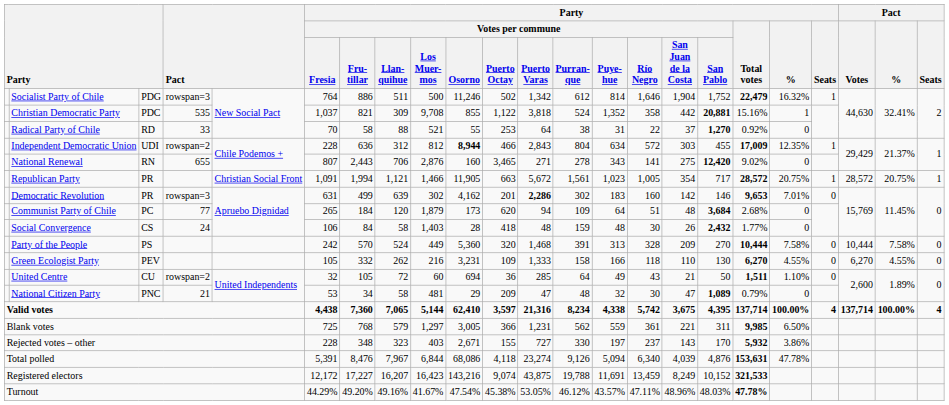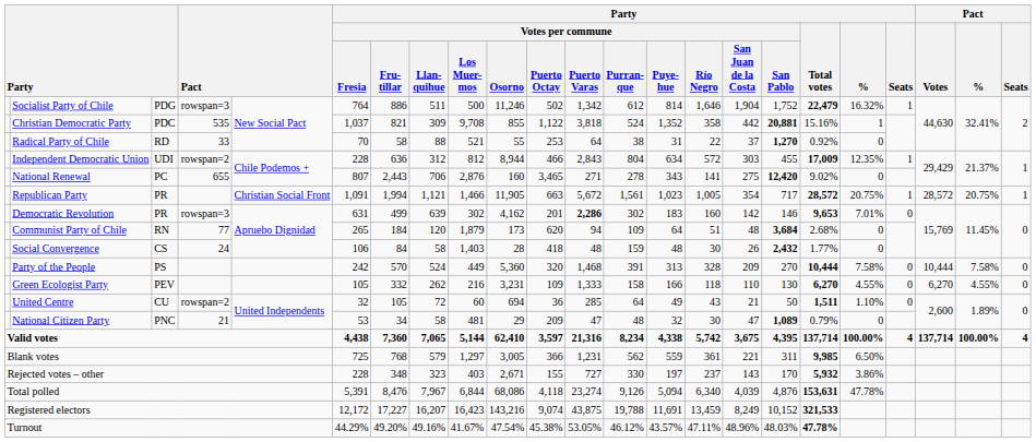 <table class="wikitable" border="1" style="font-size:90%; text-align:right; white-space: nowrap;">
 <tr>
 <th style="text-align:left;" valign=bottom rowspan=3 colspan=3>Party</th>
 <th style="text-align:left;" valign=bottom rowspan=3 colspan=2>Pact</th>
 <th colspan=15>Party</th>
 <th colspan=3>Pact</th>
 </tr>
 <tr>
 <th colspan=12>Votes per commune</th>
 <th align=center valign=bottom rowspan=2 width="40">Total<br>votes</th>
 <th align=center valign=bottom rowspan=2 width="40">%</th>
 <th align=center valign=bottom rowspan=2>Seats</th>
 <th align=center valign=bottom rowspan=2 width="40">Votes</th>
 <th align=center valign=bottom rowspan=2 width="40">%</th>
 <th align=center valign=bottom rowspan=2>Seats</th>
 </tr>
 <tr>
 <th align=center valign=bottom width="40"><a href='#'>Fresia</a></th>
 <th align=center valign=bottom width="40"><a href='#'>Fru-<br>tillar</a></th>
 <th align=center valign=bottom width="40"><a href='#'>Llan-<br>quihue</a></th>
 <th align=center valign=bottom width="40"><a href='#'>Los<br>Muer-<br>mos</a></th>
 <th align=center valign=bottom width="40"><a href='#'>Osorno</a></th>
 <th align=center valign=bottom width="40"><a href='#'>Puerto<br>Octay</a></th>
 <th align=center valign=bottom width="40"><a href='#'>Puerto<br>Varas</a></th>
 <th align=center valign=bottom width="40"><a href='#'>Purran-<br>que</a></th>
 <th align=center valign=bottom width="40"><a href='#'>Puye-<br>hue</a></th>
 <th align=center valign=bottom width="40"><a href='#'>Río<br>Negro</a></th>
 <th align=center valign=bottom width="40"><a href='#'>San<br>Juan<br>de la<br>Costa</a></th>
 <th align=center valign=bottom width="40"><a href='#'>San<br>Pablo</a></th>
 </tr>
 <tr>
 <td></td>
 <td align=left><a href='#'>Socialist Party of Chile</a></td>
 <td align=left>PDG</td>
 <td>rowspan=3 </td>
 <td rowspan=3 align=left><a href='#'>New Social Pact</a></td>
 <td>764</td>
 <td>886</td>
 <td>511</td>
 <td>500</td>
 <td>11,246</td>
 <td>502</td>
 <td>1,342</td>
 <td>612</td>
 <td>814</td>
 <td>1,646</td>
 <td>1,904</td>
 <td>1,752</td>
 <td><strong>22,479</strong></td>
 <td>16.32%</td>
 <td>1</td>
 <td rowspan=3>44,630</td>
 <td rowspan=3>32.41%</td>
 <td rowspan=3>2</td>
 </tr>
 <tr>
 <td></td>
 <td align=left><a href='#'>Christian Democratic Party</a></td>
 <td align=left>PDC</td>
 <td>535</td>
 <td>1,037</td>
 <td>821</td>
 <td>309</td>
 <td>9,708</td>
 <td>855</td>
 <td>1,122</td>
 <td>3,818</td>
 <td>524</td>
 <td>1,352</td>
 <td>358</td>
 <td>442</td>
 <td><strong>20,881</strong></td>
 <td>15.16%</td>
 <td>1</td>
 </tr>
 <tr>
 <td></td>
 <td align=left><a href='#'>Radical Party of Chile</a></td>
 <td align=left>RD</td>
 <td>33</td>
 <td>70</td>
 <td>58</td>
 <td>88</td>
 <td>521</td>
 <td>55</td>
 <td>253</td>
 <td>64</td>
 <td>38</td>
 <td>31</td>
 <td>22</td>
 <td>37</td>
 <td><strong>1,270</strong></td>
 <td>0.92%</td>
 <td>0</td>
 </tr>
 <tr>
 <td></td>
 <td align=left><a href='#'>Independent Democratic Union</a></td>
 <td align=left>UDI</td>
 <td>rowspan=2 </td>
 <td rowspan=2 align=left><a href='#'>Chile Podemos +</a></td>
 <td>228</td>
 <td>636</td>
 <td>312</td>
 <td>812</td>
-<td><strong>8,944</strong></td>
+<td>8,944</td>
 <td>466</td>
 <td>2,843</td>
 <td>804</td>
 <td>634</td>
 <td>572</td>
 <td>303</td>
 <td>455</td>
 <td><strong>17,009</strong></td>
 <td>12.35%</td>
 <td>1</td>
 <td rowspan=2>29,429</td>
 <td rowspan=2>21.37%</td>
 <td rowspan=2>1</td>
 </tr>
 <tr>
 <td></td>
 <td align=left><a href='#'>National Renewal</a></td>
-<td align=left>RN</td>
+<td align=left>PC</td>
 <td>655</td>
 <td>807</td>
 <td>2,443</td>
 <td>706</td>
 <td>2,876</td>
 <td>160</td>
 <td>3,465</td>
 <td>271</td>
 <td>278</td>
 <td>343</td>
 <td>141</td>
 <td>275</td>
 <td><strong>12,420</strong></td>
 <td>9.02%</td>
 <td>0</td>
 </tr>
 <tr>
 <td></td>
 <td align=left><a href='#'>Republican Party</a></td>
 <td align=left>PR</td>
 <td></td>
 <td align=left><a href='#'>Christian Social Front</a></td>
 <td>1,091</td>
 <td>1,994</td>
 <td>1,121</td>
 <td>1,466</td>
 <td>11,905</td>
 <td>663</td>
 <td>5,672</td>
 <td>1,561</td>
 <td>1,023</td>
 <td>1,005</td>
 <td>354</td>
 <td>717</td>
 <td><strong>28,572</strong></td>
 <td>20.75%</td>
 <td>1</td>
 <td>28,572</td>
 <td>20.75%</td>
 <td>1</td>
 </tr>
 <tr>
 <td></td>
 <td align=left><a href='#'>Democratic Revolution</a></td>
 <td align=left>PR</td>
 <td>rowspan=3 </td>
 <td rowspan=3 align=left><a href='#'>Apruebo Dignidad</a></td>
 <td>631</td>
 <td>499</td>
 <td>639</td>
 <td>302</td>
 <td>4,162</td>
 <td>201</td>
 <td><strong>2,286</strong></td>
 <td>302</td>
 <td>183</td>
 <td>160</td>
 <td>142</td>
 <td>146</td>
 <td><strong>9,653</strong></td>
 <td>7.01%</td>
 <td>0</td>
 <td rowspan=3>15,769</td>
 <td rowspan=3>11.45%</td>
 <td rowspan=3>0</td>
 </tr>
 <tr>
 <td></td>
 <td align=left><a href='#'>Communist Party of Chile</a></td>
-<td align=left>PC</td>
+<td align=left>RN</td>
 <td>77</td>
 <td>265</td>
 <td>184</td>
 <td>120</td>
 <td>1,879</td>
 <td>173</td>
 <td>620</td>
 <td>94</td>
 <td>109</td>
 <td>64</td>
 <td>51</td>
 <td>48</td>
 <td><strong>3,684</strong></td>
 <td>2.68%</td>
 <td>0</td>
 </tr>
 <tr>
 <td></td>
 <td align=left><a href='#'>Social Convergence</a></td>
 <td align=left>CS</td>
 <td>24</td>
 <td>106</td>
 <td>84</td>
 <td>58</td>
 <td>1,403</td>
 <td>28</td>
 <td>418</td>
 <td>48</td>
 <td>159</td>
 <td>48</td>
 <td>30</td>
 <td>26</td>
 <td><strong>2,432</strong></td>
 <td>1.77%</td>
 <td>0</td>
 </tr>
 <tr>
 <td></td>
 <td align=left><a href='#'>Party of the People</a></td>
 <td align=left>PS</td>
 <td></td>
 <td></td>
 <td>242</td>
 <td>570</td>
 <td>524</td>
 <td>449</td>
 <td>5,360</td>
 <td>320</td>
 <td>1,468</td>
 <td>391</td>
 <td>313</td>
 <td>328</td>
 <td>209</td>
 <td>270</td>
 <td><strong>10,444</strong></td>
 <td>7.58%</td>
 <td>0</td>
 <td>10,444</td>
 <td>7.58%</td>
 <td>0</td>
 </tr>
 <tr>
 <td></td>
 <td align=left><a href='#'>Green Ecologist Party</a></td>
 <td align=left>PEV</td>
 <td></td>
 <td></td>
 <td>105</td>
 <td>332</td>
 <td>262</td>
 <td>216</td>
 <td>3,231</td>
 <td>109</td>
 <td>1,333</td>
 <td>158</td>
 <td>166</td>
 <td>118</td>
 <td>110</td>
 <td>130</td>
 <td><strong>6,270</strong></td>
 <td>4.55%</td>
 <td>0</td>
 <td>6,270</td>
 <td>4.55%</td>
 <td>0</td>
 </tr>
 <tr>
 <td></td>
 <td align=left><a href='#'>United Centre</a></td>
 <td align=left>CU</td>
 <td>rowspan=2 </td>
 <td rowspan=2 align=left><a href='#'>United Independents</a></td>
 <td>32</td>
 <td>105</td>
 <td>72</td>
 <td>60</td>
 <td>694</td>
 <td>36</td>
 <td>285</td>
 <td>64</td>
 <td>49</td>
 <td>43</td>
 <td>21</td>
 <td>50</td>
 <td><strong>1,511</strong></td>
 <td>1.10%</td>
 <td>0</td>
 <td rowspan=2>2,600</td>
 <td rowspan=2>1.89%</td>
 <td rowspan=2>0</td>
 </tr>
 <tr>
 <td></td>
 <td align=left><a href='#'>National Citizen Party</a></td>
 <td align=left>PNC</td>
 <td>21</td>
 <td>53</td>
 <td>34</td>
 <td>58</td>
 <td>481</td>
 <td>29</td>
 <td>209</td>
 <td>47</td>
 <td>48</td>
 <td>32</td>
 <td>30</td>
 <td>47</td>
 <td><strong>1,089</strong></td>
 <td>0.79%</td>
 <td>0</td>
 </tr>
 <tr style="font-weight:bold">
 <td align=left colspan=5>Valid votes</td>
 <td>4,438</td>
 <td>7,360</td>
 <td>7,065</td>
 <td>5,144</td>
 <td>62,410</td>
 <td>3,597</td>
 <td>21,316</td>
 <td>8,234</td>
 <td>4,338</td>
 <td>5,742</td>
 <td>3,675</td>
 <td>4,395</td>
 <td>137,714</td>
 <td>100.00%</td>
 <td>4</td>
 <td>137,714</td>
 <td>100.00%</td>
 <td>4</td>
 </tr>
 <tr>
 <td align=left colspan=5>Blank votes</td>
 <td>725</td>
 <td>768</td>
 <td>579</td>
 <td>1,297</td>
 <td>3,005</td>
 <td>366</td>
 <td>1,231</td>
 <td>562</td>
 <td>559</td>
 <td>361</td>
 <td>221</td>
 <td>311</td>
 <td><strong>9,985</strong></td>
 <td>6.50%</td>
 <td></td>
 <td></td>
 <td></td>
 <td></td>
 </tr>
 <tr>
 <td align=left colspan=5>Rejected votes – other</td>
 <td>228</td>
 <td>348</td>
 <td>323</td>
 <td>403</td>
 <td>2,671</td>
 <td>155</td>
 <td>727</td>
 <td>330</td>
 <td>197</td>
 <td>237</td>
 <td>143</td>
 <td>170</td>
 <td><strong>5,932</strong></td>
 <td>3.86%</td>
 <td></td>
 <td></td>
 <td></td>
 <td></td>
 </tr>
 <tr>
 <td align=left colspan=5>Total polled</td>
 <td>5,391</td>
 <td>8,476</td>
 <td>7,967</td>
 <td>6,844</td>
 <td>68,086</td>
 <td>4,118</td>
 <td>23,274</td>
 <td>9,126</td>
 <td>5,094</td>
 <td>6,340</td>
 <td>4,039</td>
 <td>4,876</td>
 <td><strong>153,631</strong></td>
 <td>47.78%</td>
 <td></td>
 <td></td>
 <td></td>
 <td></td>
 </tr>
 <tr>
 <td align=left colspan=5>Registered electors</td>
 <td>12,172</td>
 <td>17,227</td>
 <td>16,207</td>
 <td>16,423</td>
 <td>143,216</td>
 <td>9,074</td>
 <td>43,875</td>
 <td>19,788</td>
 <td>11,691</td>
 <td>13,459</td>
 <td>8,249</td>
 <td>10,152</td>
 <td><strong>321,533</strong></td>
 <td></td>
 <td></td>
 <td></td>
 <td></td>
 <td></td>
 </tr>
 <tr>
 <td align=left colspan=5>Turnout</td>
 <td>44.29%</td>
 <td>49.20%</td>
 <td>49.16%</td>
 <td>41.67%</td>
 <td>47.54%</td>
 <td>45.38%</td>
 <td>53.05%</td>
 <td>46.12%</td>
 <td>43.57%</td>
 <td>47.11%</td>
 <td>48.96%</td>
 <td>48.03%</td>
 <td><strong>47.78%</strong></td>
 <td></td>
 <td></td>
 <td></td>
 <td></td>
 <td></td>
 </tr>
 </table>
